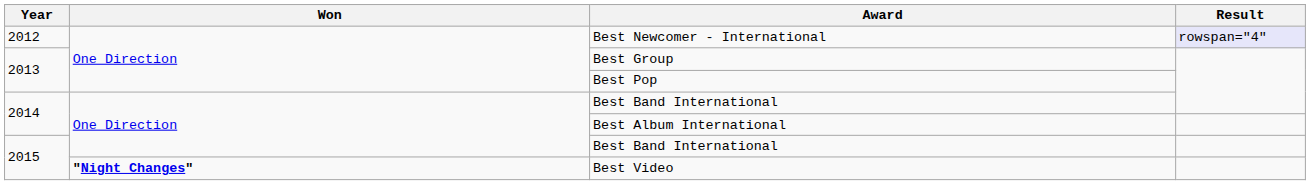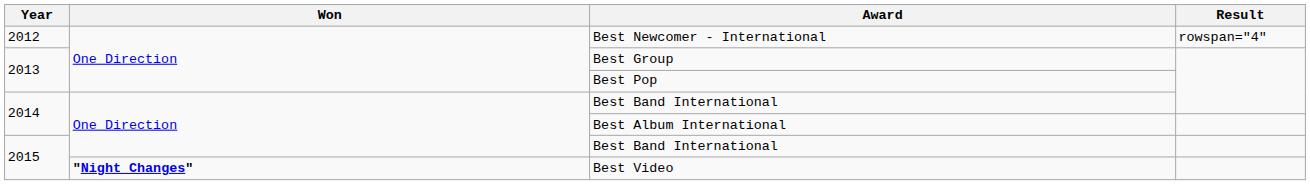 <table class="wikitable" style="width:100%;">
 <tr>
 <th width=5%>Year</th>
 <th style="width:40%;">Won</th>
 <th style="width:45%;">Award</th>
 <th style="width:10%;">Result</th>
 </tr>
 <tr>
 <td>2012</td>
 <td rowspan="3"><a href='#'>One Direction</a></td>
 <td>Best Newcomer - International</td>
-<td style="background: lavender;">rowspan="4" </td>
+<td>rowspan="4" </td>
 </tr>
 <tr>
 <td rowspan="2">2013</td>
 <td>Best Group</td>
 </tr>
 <tr>
 <td>Best Pop</td>
 </tr>
 <tr>
 <td rowspan="2">2014</td>
 <td rowspan="3"><a href='#'>One Direction</a></td>
 <td rowspan="1">Best Band International</td>
 </tr>
 <tr>
 <td>Best Album International</td>
 <td></td>
 </tr>
 <tr>
 <td rowspan="2">2015</td>
 <td>Best Band International</td>
 <td></td>
 </tr>
 <tr>
 <td><strong>"<a href='#'>Night Changes</a>"</strong></td>
 <td>Best Video</td>
 <td></td>
 </tr>
 </table>
